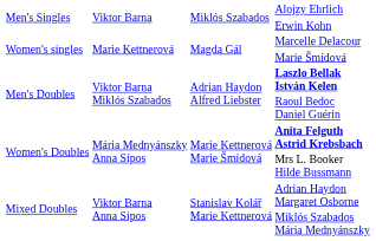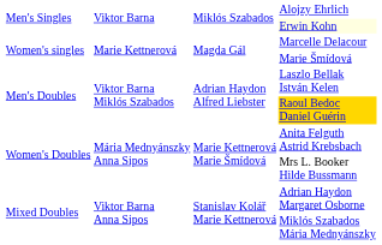 <table>
 <tr>
 <td rowspan=2><a href='#'>Men's Singles</a></td>
 <td rowspan=2> <a href='#'>Viktor Barna</a></td>
 <td rowspan=2> <a href='#'>Miklós Szabados</a></td>
 <td> <a href='#'>Alojzy Ehrlich</a></td>
 </tr>
 <tr>
-<td> <a href='#'>Erwin Kohn</a></td>
+<td style="background: lightyellow;"> <a href='#'>Erwin Kohn</a></td>
 </tr>
 <tr>
 <td rowspan=2><a href='#'>Women's singles</a></td>
 <td rowspan=2> <a href='#'>Marie Kettnerová</a></td>
 <td rowspan=2> <a href='#'>Magda Gál</a></td>
 <td> <a href='#'>Marcelle Delacour</a></td>
 </tr>
 <tr>
 <td> <a href='#'>Marie Šmídová</a></td>
 </tr>
 <tr>
 <td rowspan=2><a href='#'>Men's Doubles</a></td>
 <td rowspan=2> <a href='#'>Viktor Barna</a><br> <a href='#'>Miklós Szabados</a></td>
 <td rowspan=2> <a href='#'>Adrian Haydon</a><br> <a href='#'>Alfred Liebster</a></td>
-<td><strong> <a href='#'>Laszlo Bellak</a><br> <a href='#'>István Kelen</a></strong></td>
+<td> <a href='#'>Laszlo Bellak</a><br> <a href='#'>István Kelen</a></td>
 </tr>
 <tr>
-<td> <a href='#'>Raoul Bedoc</a><br> <a href='#'>Daniel Guérin</a></td>
+<td style="background: gold;"> <a href='#'>Raoul Bedoc</a><br> <a href='#'>Daniel Guérin</a></td>
 </tr>
 <tr>
 <td rowspan=2><a href='#'>Women's Doubles</a></td>
 <td rowspan=2> <a href='#'>Mária Mednyánszky</a><br> <a href='#'>Anna Sipos</a></td>
 <td rowspan=2> <a href='#'>Marie Kettnerová</a><br> <a href='#'>Marie Šmídová</a></td>
-<td><strong> <a href='#'>Anita Felguth</a><br> <a href='#'>Astrid Krebsbach</a></strong></td>
+<td> <a href='#'>Anita Felguth</a><br> <a href='#'>Astrid Krebsbach</a></td>
 </tr>
 <tr>
 <td> Mrs L. Booker<br> <a href='#'>Hilde Bussmann</a></td>
 </tr>
 <tr>
 <td rowspan=2><a href='#'>Mixed Doubles</a></td>
 <td rowspan=2> <a href='#'>Viktor Barna</a><br> <a href='#'>Anna Sipos</a></td>
 <td rowspan=2> <a href='#'>Stanislav Kolář</a><br> <a href='#'>Marie Kettnerová</a></td>
 <td> <a href='#'>Adrian Haydon</a> <br> <a href='#'>Margaret Osborne</a></td>
 </tr>
 <tr>
 <td> <a href='#'>Miklós Szabados</a><br> <a href='#'>Mária Mednyánszky</a></td>
 </tr>
 </table>
